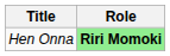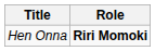 <table class="wikitable">
 <tr>
 <th>Title</th>
 <th>Role</th>
 </tr>
 <tr>
 <td><em>Hen Onna</em></td>
-<td style="background: lightgreen;"><strong>Riri Momoki</strong></td>
+<td><strong>Riri Momoki</strong></td>
 </tr>
 </table>
